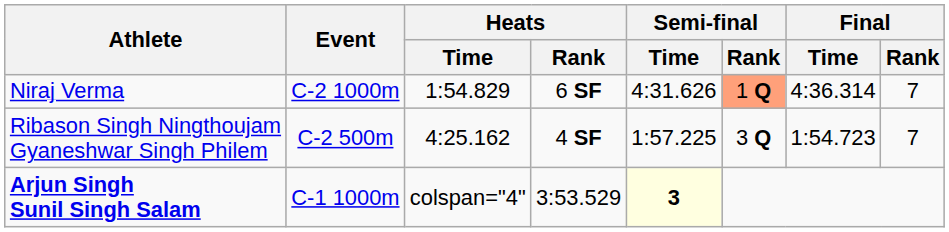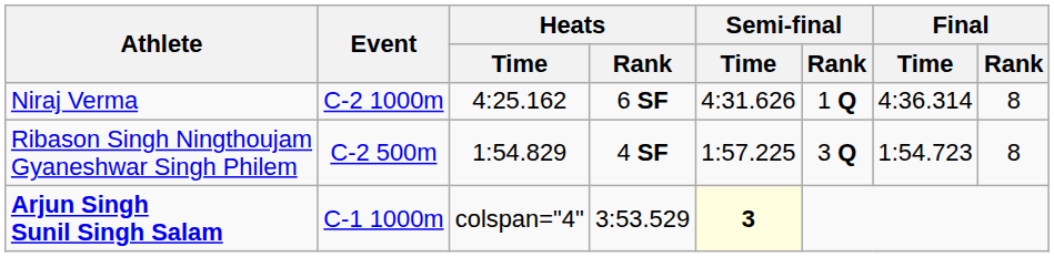 <table class=wikitable style="text-align:center; font-size:90%">
 <tr>
 <th rowspan="2">Athlete</th>
 <th rowspan="2">Event</th>
 <th colspan="2">Heats</th>
 <th colspan="2">Semi-final</th>
 <th colspan="2">Final</th>
 </tr>
 <tr>
 <th>Time</th>
 <th>Rank</th>
 <th>Time</th>
 <th>Rank</th>
 <th>Time</th>
 <th>Rank</th>
 </tr>
 <tr>
 <td style="text-align:left"><a href='#'>Niraj Verma</a></td>
 <td><a href='#'>C-2 1000m</a></td>
-<td>1:54.829</td>
+<td>4:25.162</td>
 <td>6 <strong>SF</strong></td>
 <td>4:31.626</td>
-<td style="background: lightsalmon;">1 <strong>Q</strong></td>
+<td>1 <strong>Q</strong></td>
 <td>4:36.314</td>
-<td>7</td>
+<td>8</td>
 </tr>
 <tr>
 <td style="text-align:left"><a href='#'>Ribason Singh Ningthoujam</a><br><a href='#'>Gyaneshwar Singh Philem</a></td>
 <td><a href='#'>C-2 500m</a></td>
-<td>4:25.162</td>
+<td>1:54.829</td>
 <td>4 <strong>SF</strong></td>
 <td>1:57.225</td>
 <td>3 <strong>Q</strong></td>
 <td>1:54.723</td>
-<td>7</td>
+<td>8</td>
 </tr>
 <tr>
 <td style="text-align:left"><strong><a href='#'>Arjun Singh</a><br><a href='#'>Sunil Singh Salam</a></strong></td>
 <td><a href='#'>C-1 1000m</a></td>
 <td>colspan="4" </td>
 <td>3:53.529</td>
 <td style="background: lightyellow;"><strong>3</strong></td>
 </tr>
 </table>
